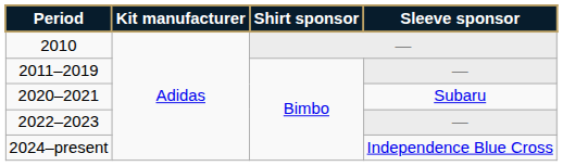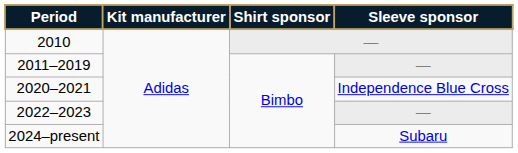 <table class="wikitable" style="text-align: center">
 <tr>
 <th style="background:#071C2C; color:#FFF; border:2px solid #BEA367;" scope="col">Period</th>
 <th style="background:#071C2C; color:#FFF; border:2px solid #BEA367;" scope="col">Kit manufacturer</th>
 <th style="background:#071C2C; color:#FFF; border:2px solid #BEA367;" scope="col">Shirt sponsor</th>
 <th style="background:#071C2C; color:#FFF; border:2px solid #BEA367;" scope="col">Sleeve sponsor</th>
 </tr>
 <tr>
 <td>2010</td>
 <td rowspan="5"><a href='#'>Adidas</a></td>
 <td colspan="2" style="background:#ececec; color:gray">—</td>
 </tr>
 <tr>
 <td>2011–2019</td>
 <td rowspan="4"><a href='#'>Bimbo</a></td>
 <td style="background:#ececec; color:gray">—</td>
 </tr>
 <tr>
 <td>2020–2021</td>
-<td><a href='#'>Subaru</a></td>
+<td><a href='#'>Independence Blue Cross</a></td>
 </tr>
 <tr>
 <td>2022–2023</td>
 <td style="background:#ececec; color:gray">—</td>
 </tr>
 <tr>
 <td>2024–present</td>
-<td><a href='#'>Independence Blue Cross</a></td>
+<td><a href='#'>Subaru</a></td>
 </tr>
 </table>
